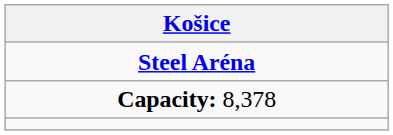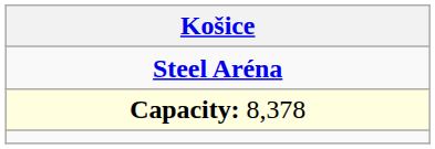 <table class="wikitable" style="text-align:center;margin:1em auto;">
 <tr>
 <th width="250"><a href='#'>Košice</a></th>
 </tr>
 <tr>
 <td><strong><a href='#'>Steel Aréna</a></strong></td>
 </tr>
 <tr>
-<td><strong>Capacity:</strong> 8,378</td>
+<td style="background: lightyellow;"><strong>Capacity:</strong> 8,378</td>
 </tr>
 <tr>
 <td></td>
 </tr>
 </table>
